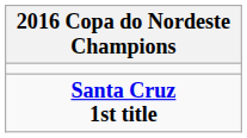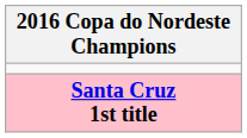 <table class="wikitable" style="text-align: center; margin: 0 auto; width: 20%">
 <tr>
 <th>2016 Copa do Nordeste<br>Champions</th>
 </tr>
 <tr>
 <td></td>
 </tr>
 <tr>
-<td><strong><a href='#'>Santa Cruz</a></strong><br><strong>1st title</strong></td>
+<td style="background: pink;"><strong><a href='#'>Santa Cruz</a></strong><br><strong>1st title</strong></td>
 </tr>
 </table>
